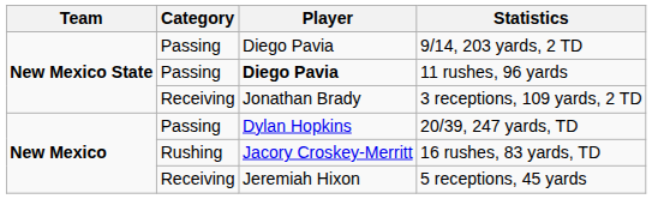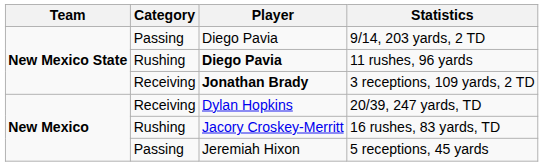 <table class="wikitable" style="float: right;">
 <tr>
 <th>Team</th>
 <th>Category</th>
 <th>Player</th>
 <th>Statistics</th>
 </tr>
 <tr>
 <td rowspan=3><strong>New Mexico State</strong></td>
 <td>Passing</td>
 <td>Diego Pavia</td>
 <td>9/14, 203 yards, 2 TD</td>
 </tr>
 <tr>
-<td>Passing</td>
+<td>Rushing</td>
 <td><strong>Diego Pavia</strong></td>
 <td>11 rushes, 96 yards</td>
 </tr>
 <tr>
 <td>Receiving</td>
-<td>Jonathan Brady</td>
+<td><strong>Jonathan Brady</strong></td>
 <td>3 receptions, 109 yards, 2 TD</td>
 </tr>
 <tr>
 <td rowspan=3><strong>New Mexico</strong></td>
-<td>Passing</td>
+<td>Receiving</td>
 <td><a href='#'>Dylan Hopkins</a></td>
 <td>20/39, 247 yards, TD</td>
 </tr>
 <tr>
 <td>Rushing</td>
 <td><a href='#'>Jacory Croskey-Merritt</a></td>
 <td>16 rushes, 83 yards, TD</td>
 </tr>
 <tr>
-<td>Receiving</td>
+<td>Passing</td>
 <td>Jeremiah Hixon</td>
 <td>5 receptions, 45 yards</td>
 </tr>
 </table>
